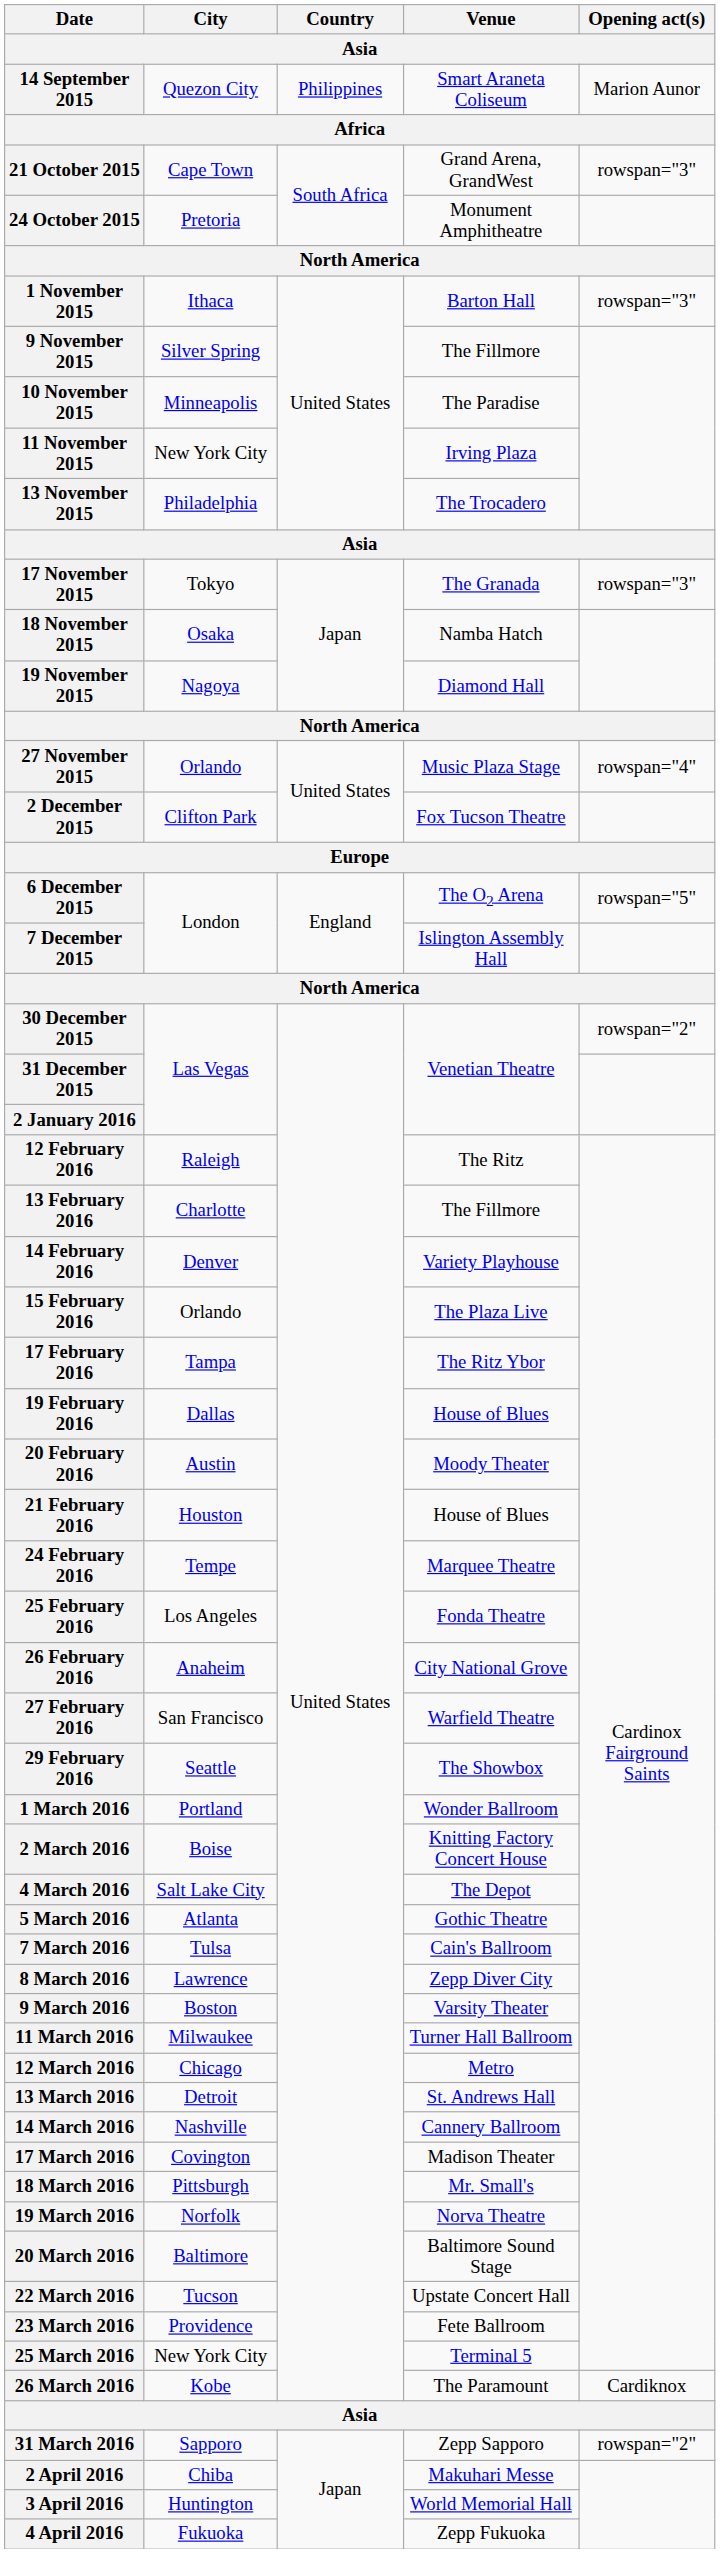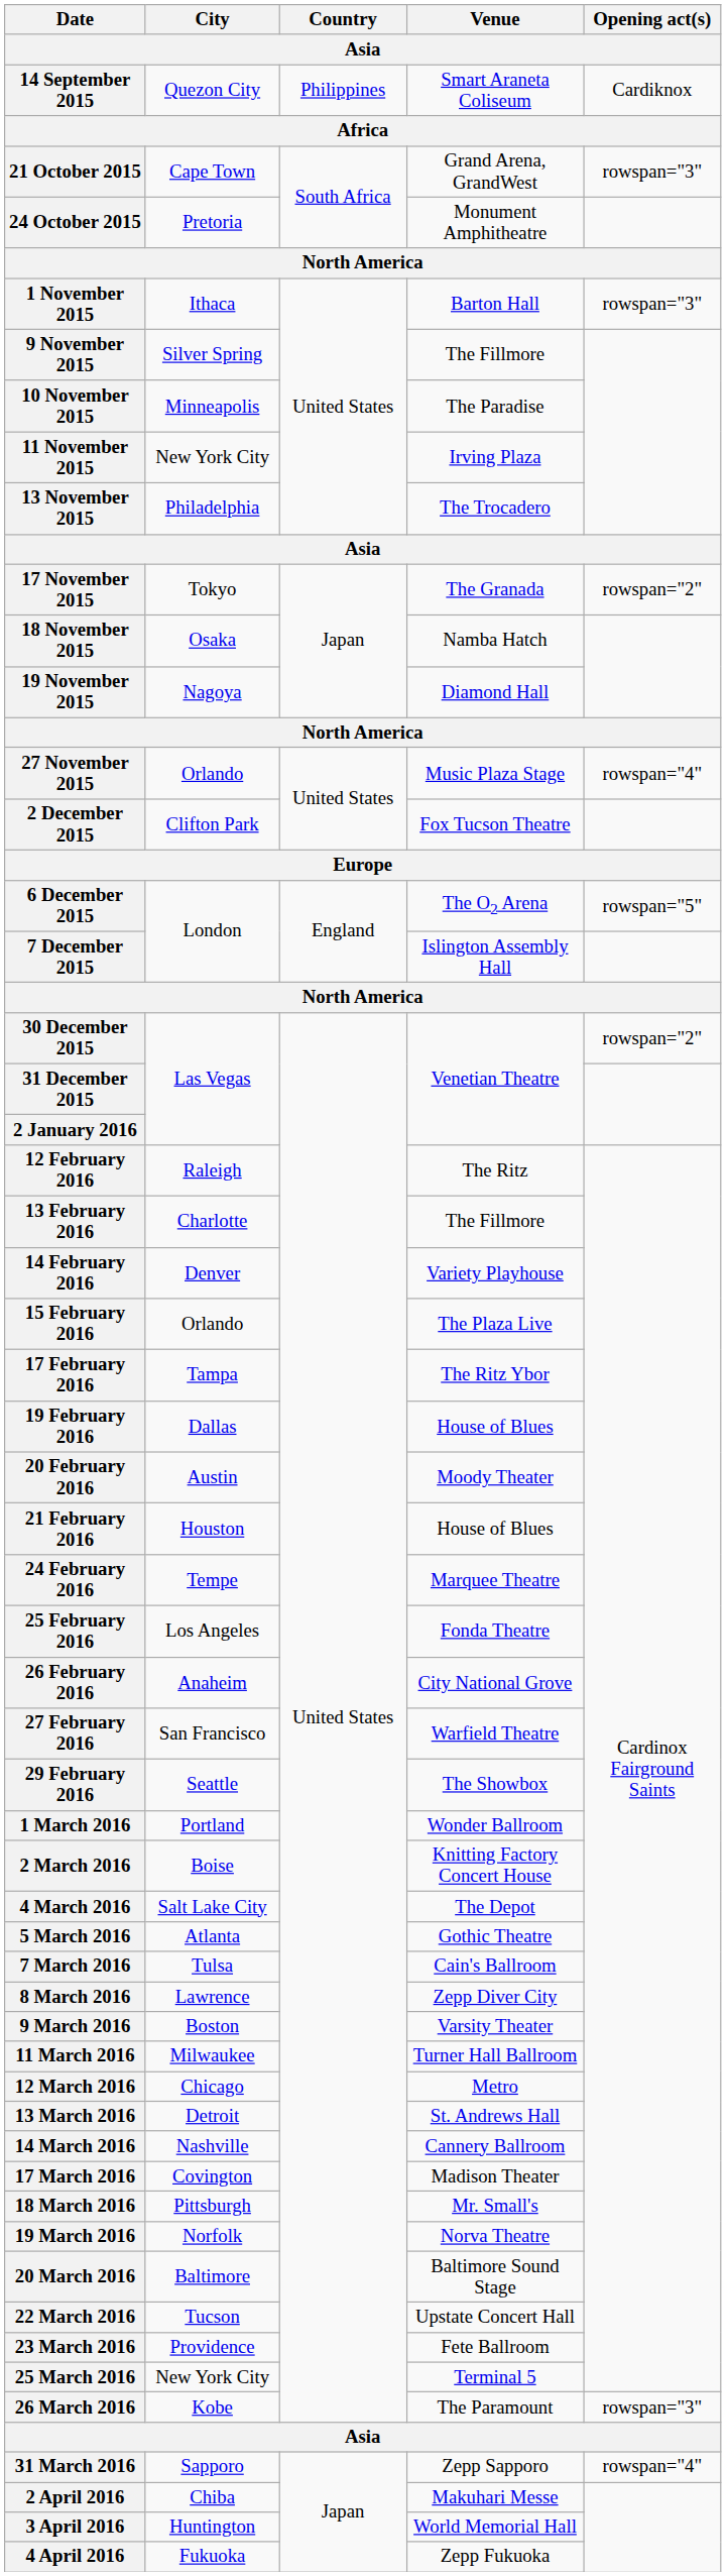 <table class="wikitable plainrowheaders" style="text-align:center;">
 <tr>
 <th scope="col" style="width:12em;">Date</th>
 <th scope="col" style="width:10em;">City</th>
 <th scope="col" style="width:10em;">Country</th>
 <th scope="col" style="width:16em;">Venue</th>
 <th scope="col" style="width:10em;">Opening act(s)</th>
 </tr>
 <tr>
 <th colspan="5">Asia</th>
 </tr>
 <tr>
 <th scope="row" style="text-align:center;">14 September 2015</th>
 <td><a href='#'>Quezon City</a></td>
 <td><a href='#'>Philippines</a></td>
 <td><a href='#'>Smart Araneta Coliseum</a></td>
-<td>Marion Aunor</td>
+<td>Cardiknox</td>
 </tr>
 <tr>
 <th colspan="5">Africa</th>
 </tr>
 <tr>
 <th scope="row" style="text-align:center;">21 October 2015</th>
 <td><a href='#'>Cape Town</a></td>
 <td rowspan="2"><a href='#'>South Africa</a></td>
 <td>Grand Arena, GrandWest</td>
 <td>rowspan="3" </td>
 </tr>
 <tr>
 <th scope="row" style="text-align:center;">24 October 2015</th>
 <td><a href='#'>Pretoria</a></td>
 <td>Monument Amphitheatre</td>
 </tr>
 <tr>
 <th colspan="5">North America</th>
 </tr>
 <tr>
 <th scope="row" style="text-align:center;">1 November 2015</th>
 <td><a href='#'>Ithaca</a></td>
 <td rowspan="5">United States</td>
 <td><a href='#'>Barton Hall</a></td>
 <td>rowspan="3" </td>
 </tr>
 <tr>
 <th scope="row" style="text-align:center;">9 November 2015</th>
 <td><a href='#'>Silver Spring</a></td>
 <td>The Fillmore</td>
 </tr>
 <tr>
 <th scope="row" style="text-align:center;">10 November 2015</th>
 <td><a href='#'>Minneapolis</a></td>
 <td>The Paradise</td>
 </tr>
 <tr>
 <th scope="row" style="text-align:center;">11 November 2015</th>
 <td>New York City</td>
 <td><a href='#'>Irving Plaza</a></td>
 </tr>
 <tr>
 <th scope="row" style="text-align:center;">13 November 2015</th>
 <td><a href='#'>Philadelphia</a></td>
 <td><a href='#'>The Trocadero</a></td>
 </tr>
 <tr>
 <th colspan="5">Asia</th>
 </tr>
 <tr>
 <th scope="row" style="text-align:center;">17 November 2015</th>
 <td>Tokyo</td>
 <td rowspan="3">Japan</td>
 <td><a href='#'>The Granada</a></td>
-<td>rowspan="3" </td>
+<td>rowspan="2" </td>
 </tr>
 <tr>
 <th scope="row" style="text-align:center;">18 November 2015</th>
 <td><a href='#'>Osaka</a></td>
 <td>Namba Hatch</td>
 </tr>
 <tr>
 <th scope="row" style="text-align:center;">19 November 2015</th>
 <td><a href='#'>Nagoya</a></td>
 <td><a href='#'>Diamond Hall</a></td>
 </tr>
 <tr>
 <th colspan="5">North America</th>
 </tr>
 <tr>
 <th scope="row" style="text-align:center;">27 November 2015</th>
 <td><a href='#'>Orlando</a></td>
 <td rowspan="2">United States</td>
 <td><a href='#'>Music Plaza Stage</a></td>
 <td>rowspan="4" </td>
 </tr>
 <tr>
 <th scope="row" style="text-align:center;">2 December 2015</th>
 <td><a href='#'>Clifton Park</a></td>
 <td><a href='#'>Fox Tucson Theatre</a></td>
 </tr>
 <tr>
 <th colspan="5">Europe</th>
 </tr>
 <tr>
 <th scope="row" style="text-align:center;">6 December 2015</th>
 <td rowspan="2">London</td>
 <td rowspan="2">England</td>
 <td><a href='#'>The O<sub>2</sub> Arena</a></td>
 <td>rowspan="5" </td>
 </tr>
 <tr>
 <th scope="row" style="text-align:center;">7 December 2015</th>
 <td><a href='#'>Islington Assembly Hall</a></td>
 </tr>
 <tr>
 <th colspan="5">North America</th>
 </tr>
 <tr>
 <th scope="row" style="text-align:center;">30 December 2015</th>
 <td rowspan="3"><a href='#'>Las Vegas</a></td>
 <td rowspan="35">United States</td>
 <td rowspan="3"><a href='#'>Venetian Theatre</a></td>
 <td>rowspan="2" </td>
 </tr>
 <tr>
 <th scope="row" style="text-align:center;">31 December 2015</th>
 </tr>
 <tr>
 <th scope="row" style="text-align:center;">2 January 2016</th>
 </tr>
 <tr>
 <th scope="row" style="text-align:center;">12 February 2016</th>
 <td><a href='#'>Raleigh</a></td>
 <td>The Ritz</td>
 <td rowspan="31">Cardinox<br><a href='#'>Fairground Saints</a></td>
 </tr>
 <tr>
 <th scope="row" style="text-align:center;">13 February 2016</th>
 <td><a href='#'>Charlotte</a></td>
 <td>The Fillmore</td>
 </tr>
 <tr>
 <th scope="row" style="text-align:center;">14 February 2016</th>
 <td><a href='#'>Denver</a></td>
 <td><a href='#'>Variety Playhouse</a></td>
 </tr>
 <tr>
 <th scope="row" style="text-align:center;">15 February 2016</th>
 <td>Orlando</td>
 <td><a href='#'>The Plaza Live</a></td>
 </tr>
 <tr>
 <th scope="row" style="text-align:center;">17 February 2016</th>
 <td><a href='#'>Tampa</a></td>
 <td><a href='#'>The Ritz Ybor</a></td>
 </tr>
 <tr>
 <th scope="row" style="text-align:center;">19 February 2016</th>
 <td><a href='#'>Dallas</a></td>
 <td><a href='#'>House of Blues</a></td>
 </tr>
 <tr>
 <th scope="row" style="text-align:center;">20 February 2016</th>
 <td><a href='#'>Austin</a></td>
 <td><a href='#'>Moody Theater</a></td>
 </tr>
 <tr>
 <th scope="row" style="text-align:center;">21 February 2016</th>
 <td><a href='#'>Houston</a></td>
 <td>House of Blues</td>
 </tr>
 <tr>
 <th scope="row" style="text-align:center;">24 February 2016</th>
 <td><a href='#'>Tempe</a></td>
 <td><a href='#'>Marquee Theatre</a></td>
 </tr>
 <tr>
 <th scope="row" style="text-align:center;">25 February 2016</th>
 <td>Los Angeles</td>
 <td><a href='#'>Fonda Theatre</a></td>
 </tr>
 <tr>
 <th scope="row" style="text-align:center;">26 February 2016</th>
 <td><a href='#'>Anaheim</a></td>
 <td><a href='#'>City National Grove</a></td>
 </tr>
 <tr>
 <th scope="row" style="text-align:center;">27 February 2016</th>
 <td>San Francisco</td>
 <td><a href='#'>Warfield Theatre</a></td>
 </tr>
 <tr>
 <th scope="row" style="text-align:center;">29 February 2016</th>
 <td><a href='#'>Seattle</a></td>
 <td><a href='#'>The Showbox</a></td>
 </tr>
 <tr>
 <th scope="row" style="text-align:center;">1 March 2016</th>
 <td><a href='#'>Portland</a></td>
 <td><a href='#'>Wonder Ballroom</a></td>
 </tr>
 <tr>
 <th scope="row" style="text-align:center;">2 March 2016</th>
 <td><a href='#'>Boise</a></td>
 <td><a href='#'>Knitting Factory Concert House</a></td>
 </tr>
 <tr>
 <th scope="row" style="text-align:center;">4 March 2016</th>
 <td><a href='#'>Salt Lake City</a></td>
 <td><a href='#'>The Depot</a></td>
 </tr>
 <tr>
 <th scope="row" style="text-align:center;">5 March 2016</th>
 <td><a href='#'>Atlanta</a></td>
 <td><a href='#'>Gothic Theatre</a></td>
 </tr>
 <tr>
 <th scope="row" style="text-align:center;">7 March 2016</th>
 <td><a href='#'>Tulsa</a></td>
 <td><a href='#'>Cain's Ballroom</a></td>
 </tr>
 <tr>
 <th scope="row" style="text-align:center;">8 March 2016</th>
 <td><a href='#'>Lawrence</a></td>
 <td><a href='#'>Zepp Diver City</a></td>
 </tr>
 <tr>
 <th scope="row" style="text-align:center;">9 March 2016</th>
 <td><a href='#'>Boston</a></td>
 <td><a href='#'>Varsity Theater</a></td>
 </tr>
 <tr>
 <th scope="row" style="text-align:center;">11 March 2016</th>
 <td><a href='#'>Milwaukee</a></td>
 <td><a href='#'>Turner Hall Ballroom</a></td>
 </tr>
 <tr>
 <th scope="row" style="text-align:center;">12 March 2016</th>
 <td><a href='#'>Chicago</a></td>
 <td><a href='#'>Metro</a></td>
 </tr>
 <tr>
 <th scope="row" style="text-align:center;">13 March 2016</th>
 <td><a href='#'>Detroit</a></td>
 <td><a href='#'>St. Andrews Hall</a></td>
 </tr>
 <tr>
 <th scope="row" style="text-align:center;">14 March 2016</th>
 <td><a href='#'>Nashville</a></td>
 <td><a href='#'>Cannery Ballroom</a></td>
 </tr>
 <tr>
 <th scope="row" style="text-align:center;">17 March 2016</th>
 <td><a href='#'>Covington</a></td>
 <td>Madison Theater</td>
 </tr>
 <tr>
 <th scope="row" style="text-align:center;">18 March 2016</th>
 <td><a href='#'>Pittsburgh</a></td>
 <td><a href='#'>Mr. Small's</a></td>
 </tr>
 <tr>
 <th scope="row" style="text-align:center;">19 March 2016</th>
 <td><a href='#'>Norfolk</a></td>
 <td><a href='#'>Norva Theatre</a></td>
 </tr>
 <tr>
 <th scope="row" style="text-align:center;">20 March 2016</th>
 <td><a href='#'>Baltimore</a></td>
 <td>Baltimore Sound Stage</td>
 </tr>
 <tr>
 <th scope="row" style="text-align:center;">22 March 2016</th>
 <td><a href='#'>Tucson</a></td>
 <td>Upstate Concert Hall</td>
 </tr>
 <tr>
 <th scope="row" style="text-align:center;">23 March 2016</th>
 <td><a href='#'>Providence</a></td>
 <td>Fete Ballroom</td>
 </tr>
 <tr>
 <th scope="row" style="text-align:center;">25 March 2016</th>
 <td>New York City</td>
 <td><a href='#'>Terminal 5</a></td>
 </tr>
 <tr>
 <th scope="row" style="text-align:center;">26 March 2016</th>
 <td><a href='#'>Kobe</a></td>
 <td>The Paramount</td>
-<td>Cardiknox</td>
+<td>rowspan="3" </td>
 </tr>
 <tr>
 <th colspan="5">Asia</th>
 </tr>
 <tr>
 <th scope="row" style="text-align:center;">31 March 2016</th>
 <td><a href='#'>Sapporo</a></td>
 <td rowspan="4">Japan</td>
 <td>Zepp Sapporo</td>
-<td>rowspan="2" </td>
+<td>rowspan="4" </td>
 </tr>
 <tr>
 <th scope="row" style="text-align:center;">2 April 2016</th>
 <td><a href='#'>Chiba</a></td>
 <td><a href='#'>Makuhari Messe</a></td>
 </tr>
 <tr>
 <th scope="row" style="text-align:center;">3 April 2016</th>
 <td><a href='#'>Huntington</a></td>
 <td><a href='#'>World Memorial Hall</a></td>
 </tr>
 <tr>
 <th scope="row" style="text-align:center;">4 April 2016</th>
 <td><a href='#'>Fukuoka</a></td>
 <td>Zepp Fukuoka</td>
 </tr>
 <tr>
 </tr>
 </table>
